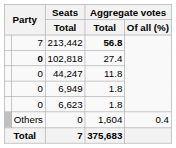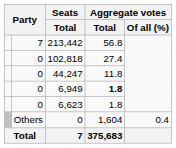 <table class="wikitable" style="text-align:right; font-size:95%;">
 <tr>
 <th colspan="2" rowspan="2">Party</th>
 <th>Seats</th>
 <th colspan="2">Aggregate votes</th>
 </tr>
 <tr>
 <th>Total</th>
 <th>Total</th>
 <th>Of all (%)</th>
 </tr>
 <tr>
 <td></td>
 <td>7</td>
 <td>213,442</td>
-<td><strong>56.8</strong></td>
+<td>56.8</td>
 </tr>
 <tr>
 <td></td>
-<td><strong>0</strong></td>
+<td>0</td>
 <td>102,818</td>
 <td>27.4</td>
 </tr>
 <tr>
 <td></td>
 <td>0</td>
 <td>44,247</td>
 <td>11.8</td>
 </tr>
 <tr>
 <td></td>
 <td>0</td>
 <td>6,949</td>
-<td>1.8</td>
+<td><strong>1.8</strong></td>
 </tr>
 <tr>
 <td></td>
 <td>0</td>
 <td>6,623</td>
 <td>1.8</td>
 </tr>
 <tr>
 <td style="background:silver;"> </td>
 <td align=left>Others</td>
 <td>0</td>
 <td>1,604</td>
 <td>0.4</td>
 </tr>
 <tr>
 <th colspan="2" style="background:#f2f2f2"><strong>Total</strong></th>
 <td style="background:#f2f2f2;"><strong>7</strong></td>
 <td style="background:#f2f2f2;"><strong>375,683</strong></td>
 <td style="background:#f2f2f2;"></td>
 </tr>
 </table>
